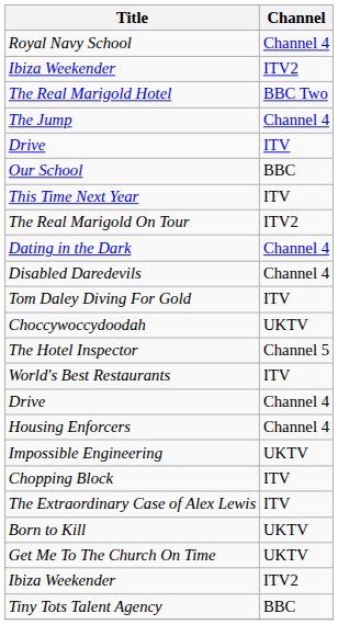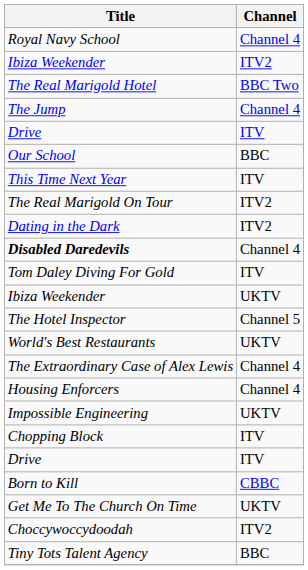 <table class="wikitable">
 <tr>
 <th>Title</th>
 <th>Channel</th>
 </tr>
 <tr>
 <td><em>Royal Navy School</em></td>
 <td><a href='#'>Channel 4</a></td>
 </tr>
 <tr>
 <td><em><a href='#'>Ibiza Weekender</a></em></td>
 <td><a href='#'>ITV2</a></td>
 </tr>
 <tr>
 <td><em><a href='#'>The Real Marigold Hotel</a></em></td>
 <td><a href='#'>BBC Two</a></td>
 </tr>
 <tr>
 <td><em><a href='#'>The Jump</a></em></td>
 <td><a href='#'>Channel 4</a></td>
 </tr>
 <tr>
 <td><em><a href='#'>Drive</a></em></td>
 <td><a href='#'>ITV</a></td>
 </tr>
 <tr>
 <td><em><a href='#'>Our School</a></em></td>
 <td>BBC</td>
 </tr>
 <tr>
 <td><em><a href='#'>This Time Next Year</a></em></td>
 <td>ITV</td>
 </tr>
 <tr>
 <td><em>The Real Marigold On Tour</em></td>
 <td>ITV2</td>
 </tr>
 <tr>
 <td><em><a href='#'>Dating in the Dark</a></em></td>
-<td><a href='#'>Channel 4</a></td>
+<td>ITV2</td>
 </tr>
 <tr>
-<td><em>Disabled Daredevils</em></td>
+<td><strong><em>Disabled Daredevils</em></strong></td>
 <td>Channel 4</td>
 </tr>
 <tr>
 <td><em>Tom Daley Diving For Gold</em></td>
 <td>ITV</td>
 </tr>
 <tr>
-<td><em>Choccywoccydoodah</em></td>
+<td><em>Ibiza Weekender</em></td>
 <td>UKTV</td>
 </tr>
 <tr>
 <td><em>The Hotel Inspector</em></td>
 <td>Channel 5</td>
 </tr>
 <tr>
 <td><em>World's Best Restaurants</em></td>
-<td>ITV</td>
+<td>UKTV</td>
 </tr>
 <tr>
-<td><em>Drive</em></td>
+<td><em>The Extraordinary Case of Alex Lewis</em></td>
 <td>Channel 4</td>
 </tr>
 <tr>
 <td><em>Housing Enforcers</em></td>
 <td>Channel 4</td>
 </tr>
 <tr>
 <td><em>Impossible Engineering</em></td>
 <td>UKTV</td>
 </tr>
 <tr>
 <td><em>Chopping Block</em></td>
 <td>ITV</td>
 </tr>
 <tr>
-<td><em>The Extraordinary Case of Alex Lewis</em></td>
+<td><em>Drive</em></td>
 <td>ITV</td>
 </tr>
 <tr>
 <td><em>Born to Kill</em></td>
-<td>UKTV</td>
+<td><a href='#'>CBBC</a></td>
 </tr>
 <tr>
 <td><em>Get Me To The Church On Time</em></td>
 <td>UKTV</td>
 </tr>
 <tr>
-<td><em>Ibiza Weekender</em></td>
+<td><em>Choccywoccydoodah</em></td>
 <td>ITV2</td>
 </tr>
 <tr>
 <td><em>Tiny Tots Talent Agency</em></td>
 <td>BBC</td>
 </tr>
 <tr>
 </tr>
 </table>
